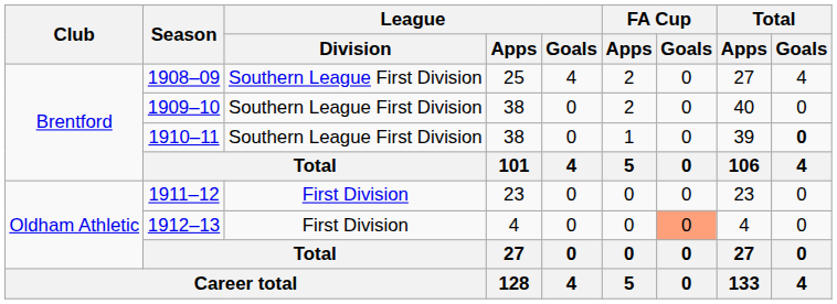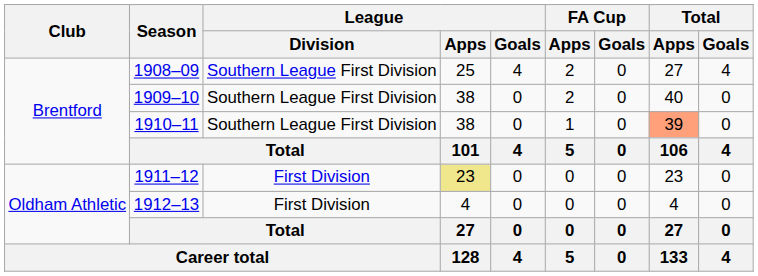 <table class="wikitable" style="text-align: center;">
 <tr>
 <th rowspan="2">Club</th>
 <th rowspan="2">Season</th>
 <th colspan="3">League</th>
 <th colspan="2">FA Cup</th>
 <th colspan="2">Total</th>
 </tr>
 <tr>
 <th>Division</th>
 <th>Apps</th>
 <th>Goals</th>
 <th>Apps</th>
 <th>Goals</th>
 <th>Apps</th>
 <th>Goals</th>
 </tr>
 <tr>
 <td rowspan="4"><a href='#'>Brentford</a></td>
 <td><a href='#'>1908–09</a></td>
 <td><a href='#'>Southern League</a> First Division</td>
 <td>25</td>
 <td>4</td>
 <td>2</td>
 <td>0</td>
 <td>27</td>
 <td>4</td>
 </tr>
 <tr>
 <td><a href='#'>1909–10</a></td>
 <td>Southern League First Division</td>
 <td>38</td>
 <td>0</td>
 <td>2</td>
 <td>0</td>
 <td>40</td>
 <td>0</td>
 </tr>
 <tr>
 <td><a href='#'>1910–11</a></td>
 <td>Southern League First Division</td>
 <td>38</td>
 <td>0</td>
 <td>1</td>
 <td>0</td>
-<td>39</td>
-<td><strong>0</strong></td>
+<td style="background: lightsalmon;">39</td>
+<td>0</td>
 </tr>
 <tr>
 <th colspan="2">Total</th>
 <th>101</th>
 <th>4</th>
 <th>5</th>
 <th>0</th>
 <th>106</th>
 <th>4</th>
 </tr>
 <tr>
 <td rowspan="3"><a href='#'>Oldham Athletic</a></td>
 <td><a href='#'>1911–12</a></td>
 <td><a href='#'>First Division</a></td>
-<td>23</td>
+<td style="background: khaki;">23</td>
 <td>0</td>
 <td>0</td>
 <td>0</td>
 <td>23</td>
 <td>0</td>
 </tr>
 <tr>
 <td><a href='#'>1912–13</a></td>
 <td>First Division</td>
 <td>4</td>
 <td>0</td>
 <td>0</td>
-<td style="background: lightsalmon;">0</td>
+<td>0</td>
 <td>4</td>
 <td>0</td>
 </tr>
 <tr>
 <th colspan="2">Total</th>
 <th>27</th>
 <th>0</th>
 <th>0</th>
 <th>0</th>
 <th>27</th>
 <th>0</th>
 </tr>
 <tr>
 <th colspan="3">Career total</th>
 <th>128</th>
 <th>4</th>
 <th>5</th>
 <th>0</th>
 <th>133</th>
 <th>4</th>
 </tr>
 </table>
